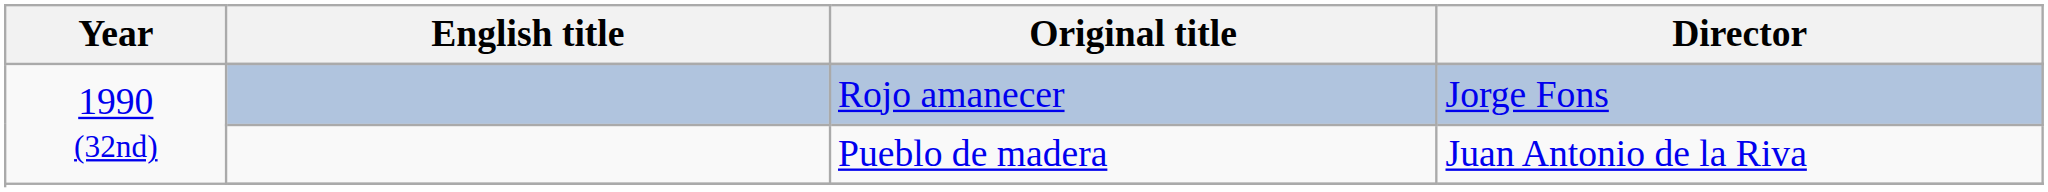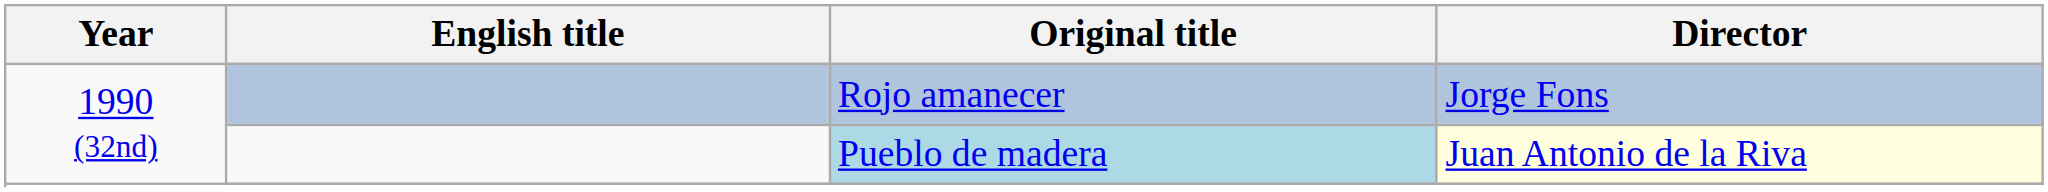 <table class="wikitable">
 <tr>
 <th width="100"><strong>Year</strong></th>
 <th width="300"><strong>English title</strong></th>
 <th width="300"><strong>Original title</strong></th>
 <th width="300"><strong>Director</strong></th>
 </tr>
 <tr>
 <td rowspan="6" style="text-align:center;"><a href='#'>1990</a><br><small><a href='#'>(32nd)</a></small></td>
 </tr>
 <tr style="background:#B0C4DE;">
 <td></td>
 <td><a href='#'>Rojo amanecer</a></td>
 <td><a href='#'>Jorge Fons</a></td>
 </tr>
 <tr>
 <td></td>
-<td><a href='#'>Pueblo de madera</a></td>
-<td><a href='#'>Juan Antonio de la Riva</a></td>
+<td style="background: lightblue;"><a href='#'>Pueblo de madera</a></td>
+<td style="background: lightyellow;"><a href='#'>Juan Antonio de la Riva</a></td>
 </tr>
 <tr>
 </tr>
 </table>
